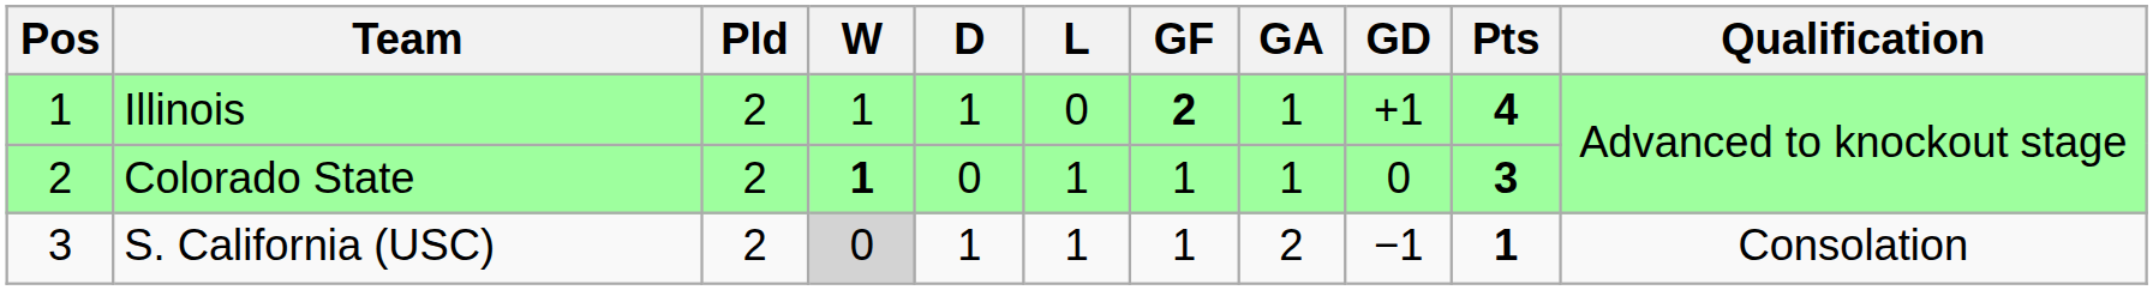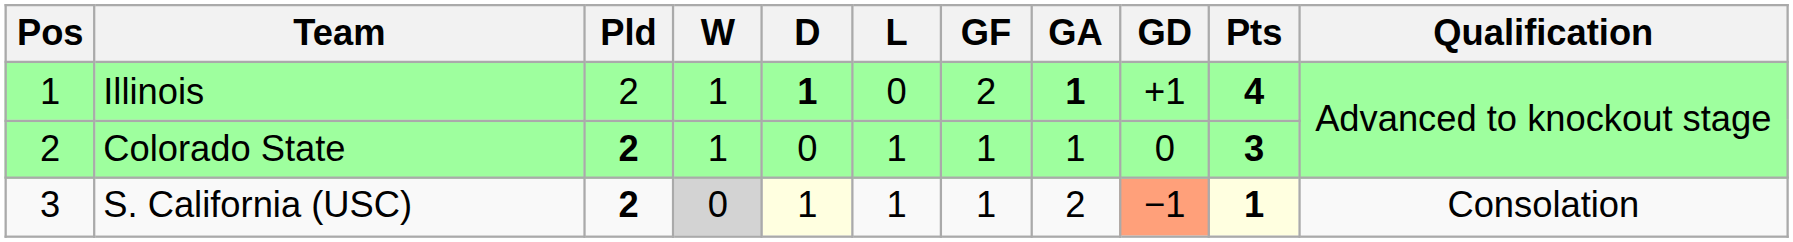 <table class="wikitable" style="text-align:center; margin: 1em auto">
 <tr>
 <th style=width:2em>Pos</th>
 <th style=width:13em>Team</th>
 <th style=width:2em>Pld</th>
 <th style=width:2em>W</th>
 <th style=width:2em>D</th>
 <th style=width:2em>L</th>
 <th style=width:2em>GF</th>
 <th style=width:2em>GA</th>
 <th style=width:2em>GD</th>
 <th style=width:2em>Pts</th>
 <th style=width:13em>Qualification</th>
 </tr>
 <tr bgcolor="#9eff9e">
 <td>1</td>
 <td style="text-align:left">Illinois</td>
 <td>2</td>
 <td>1</td>
-<td>1</td>
+<td><strong>1</strong></td>
 <td>0</td>
-<td><strong>2</strong></td>
-<td>1</td>
+<td>2</td>
+<td><strong>1</strong></td>
 <td>+1</td>
 <td><strong>4</strong></td>
 <td rowspan="2">Advanced to knockout stage</td>
 </tr>
 <tr bgcolor="#9eff9e">
 <td>2</td>
 <td style="text-align:left">Colorado State</td>
-<td>2</td>
-<td><strong>1</strong></td>
+<td><strong>2</strong></td>
+<td>1</td>
 <td>0</td>
 <td>1</td>
 <td>1</td>
 <td>1</td>
 <td>0</td>
 <td><strong>3</strong></td>
 </tr>
 <tr>
 <td>3</td>
 <td style="text-align:left">S. California (USC)</td>
-<td>2</td>
+<td><strong>2</strong></td>
 <td style="background: lightgrey;">0</td>
-<td>1</td>
+<td style="background: lightyellow;">1</td>
 <td>1</td>
 <td>1</td>
 <td>2</td>
-<td>−1</td>
-<td><strong>1</strong></td>
+<td style="background: lightsalmon;">−1</td>
+<td style="background: lightyellow;"><strong>1</strong></td>
 <td>Consolation</td>
 </tr>
 </table>
